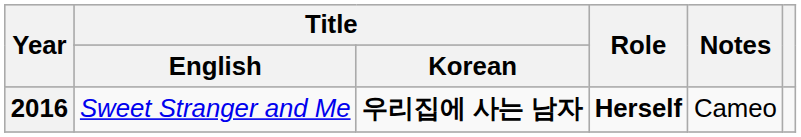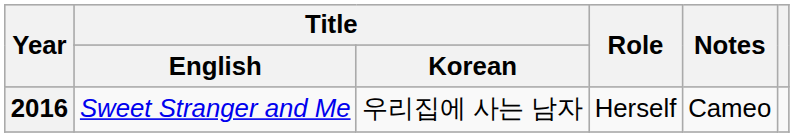 <table class="wikitable plainrowheaders">
 <tr>
 <th rowspan="2">Year</th>
 <th colspan="2">Title</th>
 <th rowspan="2">Role</th>
 <th rowspan="2">Notes</th>
 <th rowspan="2"></th>
 </tr>
 <tr>
 <th>English</th>
 <th>Korean</th>
 </tr>
 <tr>
 <th scope="row">2016</th>
 <td><em><a href='#'>Sweet Stranger and Me</a></em></td>
-<td><strong>우리집에 사는 남자</strong></td>
-<td><strong>Herself</strong></td>
+<td>우리집에 사는 남자</td>
+<td>Herself</td>
 <td rowspan="2">Cameo</td>
 <td style="text-align:center"></td>
 </tr>
 </table>
